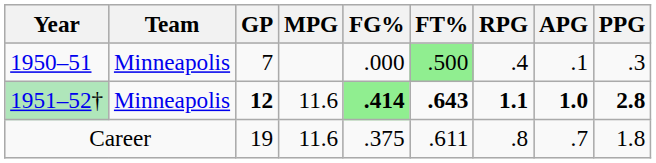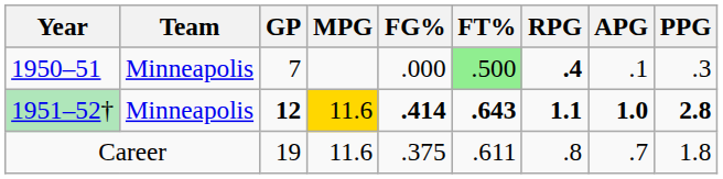 <table class="wikitable sortable" style="font-size:95%; text-align:right;">
 <tr>
 <th>Year</th>
 <th>Team</th>
 <th>GP</th>
 <th>MPG</th>
 <th>FG%</th>
 <th>FT%</th>
 <th>RPG</th>
 <th>APG</th>
 <th>PPG</th>
 </tr>
 <tr>
 <td style="text-align:left;"><a href='#'>1950–51</a></td>
 <td style="text-align:left;"><a href='#'>Minneapolis</a></td>
 <td>7</td>
 <td></td>
 <td>.000</td>
 <td style="background: lightgreen;">.500</td>
-<td>.4</td>
+<td><strong>.4</strong></td>
 <td>.1</td>
 <td>.3</td>
 </tr>
 <tr>
 <td style="text-align:left;background:#afe6ba;"><a href='#'>1951–52</a>†</td>
 <td style="text-align:left;"><a href='#'>Minneapolis</a></td>
 <td><strong>12</strong></td>
-<td>11.6</td>
-<td style="background: lightgreen;"><strong>.414</strong></td>
+<td style="background: gold;">11.6</td>
+<td><strong>.414</strong></td>
 <td><strong>.643</strong></td>
 <td><strong>1.1</strong></td>
 <td><strong>1.0</strong></td>
 <td><strong>2.8</strong></td>
 </tr>
 <tr>
 <td colspan="2" style="text-align:center;">Career</td>
 <td>19</td>
 <td>11.6</td>
 <td>.375</td>
 <td>.611</td>
 <td>.8</td>
 <td>.7</td>
 <td>1.8</td>
 </tr>
 </table>
